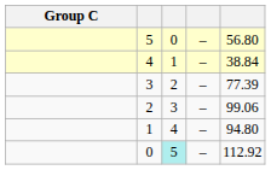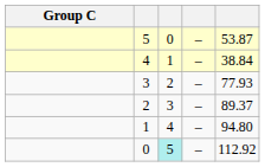 <table class="wikitable" style="text-align: center;">
 <tr>
 <th width=140>Group C</th>
 <th width=20></th>
 <th width=20></th>
 <th width=30></th>
 <th width=20></th>
 </tr>
 <tr bgcolor=#ffffcc>
 <td style="text-align:left;"></td>
 <td>5</td>
 <td>0</td>
 <td>–</td>
-<td>56.80</td>
+<td>53.87</td>
 </tr>
 <tr bgcolor=#ffffcc>
 <td style="text-align:left;"></td>
 <td>4</td>
 <td>1</td>
 <td>–</td>
 <td>38.84</td>
 </tr>
 <tr>
 <td style="text-align:left;"></td>
 <td>3</td>
 <td>2</td>
 <td>–</td>
-<td>77.39</td>
+<td>77.93</td>
 </tr>
 <tr>
 <td style="text-align:left;"></td>
 <td>2</td>
 <td>3</td>
 <td>–</td>
-<td>99.06</td>
+<td>89.37</td>
 </tr>
 <tr>
 <td style="text-align:left;"></td>
 <td>1</td>
 <td>4</td>
 <td>–</td>
 <td>94.80</td>
 </tr>
 <tr>
 <td style="text-align:left;"></td>
 <td>0</td>
 <td style="background: paleturquoise;">5</td>
 <td>–</td>
 <td>112.92</td>
 </tr>
 </table>
